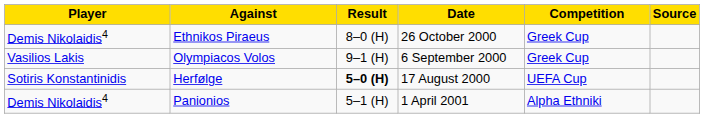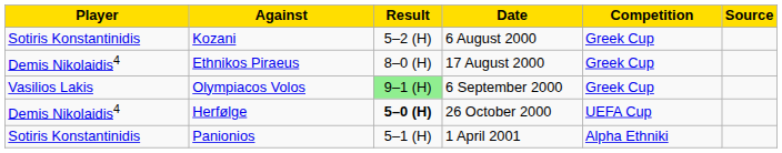 <table class="wikitable">
 <tr>
 <th width=200 style="background:#FFDE00">Player</th>
 <th width=200 style="background:#FFDE00">Against</th>
 <th width=70 style="background:#FFDE00">Result</th>
 <th width=150 style="background:#FFDE00">Date</th>
 <th width=150 style="background:#FFDE00">Competition</th>
 <th style="background:#FFDE00">Source</th>
 </tr>
 <tr>
+<td> <a href='#'>Sotiris Konstantinidis</a></td>
+<td> <a href='#'>Kozani</a></td>
+<td align=center>5–2 (H)</td>
+<td>6 August 2000</td>
+<td><a href='#'>Greek Cup</a></td>
+<td align=center></td>
+</tr>
+<tr>
 <td> <a href='#'>Demis Nikolaidis</a><sup>4</sup></td>
 <td> <a href='#'>Ethnikos Piraeus</a></td>
 <td align=center>8–0 (H)</td>
-<td>26 October 2000</td>
+<td>17 August 2000</td>
 <td><a href='#'>Greek Cup</a></td>
 <td align=center></td>
 </tr>
 <tr>
 <td> <a href='#'>Vasilios Lakis</a></td>
 <td> <a href='#'>Olympiacos Volos</a></td>
-<td align=center>9–1 (H)</td>
+<td align=center style="background: lightgreen;">9–1 (H)</td>
 <td>6 September 2000</td>
 <td><a href='#'>Greek Cup</a></td>
 <td align=center></td>
 </tr>
 <tr>
-<td> <a href='#'>Sotiris Konstantinidis</a></td>
+<td> <a href='#'>Demis Nikolaidis</a><sup>4</sup></td>
 <td> <a href='#'>Herfølge</a></td>
 <td align=center><strong>5–0 (H)</strong></td>
-<td>17 August 2000</td>
+<td>26 October 2000</td>
 <td><a href='#'>UEFA Cup</a></td>
 <td align=center></td>
 </tr>
 <tr>
-<td> <a href='#'>Demis Nikolaidis</a><sup>4</sup></td>
+<td> <a href='#'>Sotiris Konstantinidis</a></td>
 <td> <a href='#'>Panionios</a></td>
 <td align=center>5–1 (H)</td>
 <td>1 April 2001</td>
 <td><a href='#'>Alpha Ethniki</a></td>
 <td align=center></td>
 </tr>
 </table>
